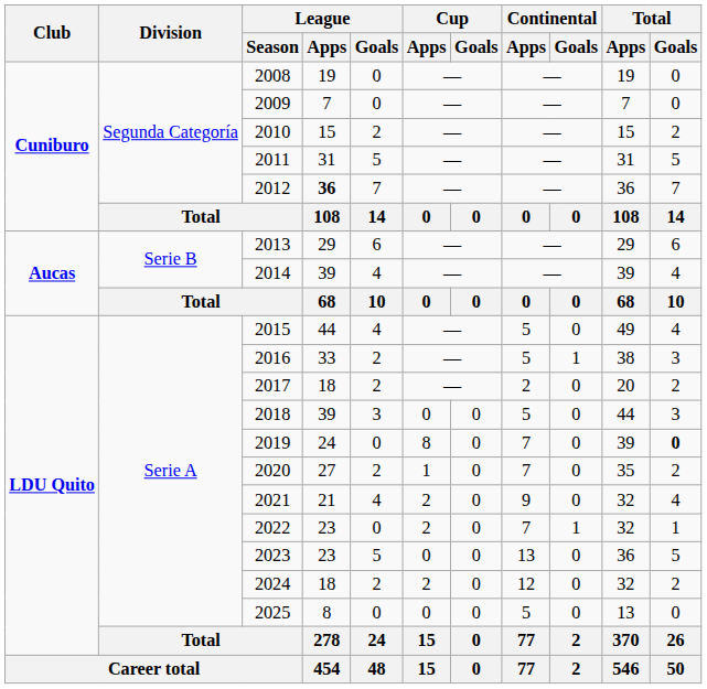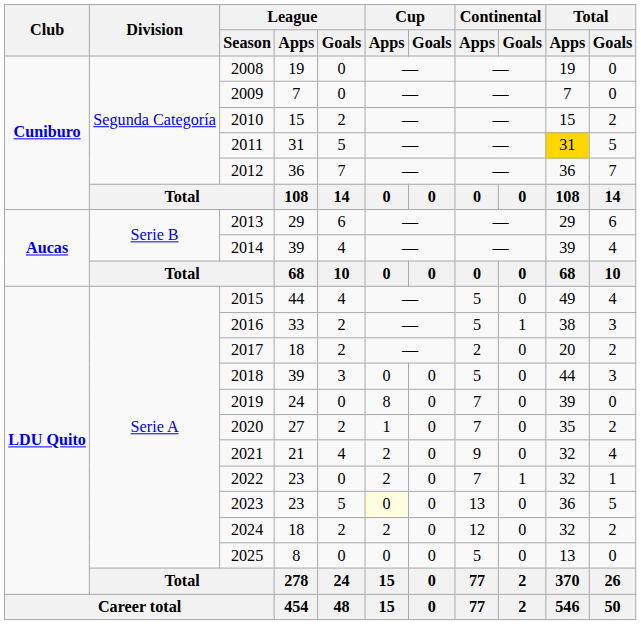 <table class="wikitable" style="text-align:center">
 <tr>
 <th rowspan="2">Club</th>
 <th rowspan="2">Division</th>
 <th colspan="3">League</th>
 <th colspan="2">Cup</th>
 <th colspan="2">Continental</th>
 <th colspan="2">Total</th>
 </tr>
 <tr>
 <th>Season</th>
 <th>Apps</th>
 <th>Goals</th>
 <th>Apps</th>
 <th>Goals</th>
 <th>Apps</th>
 <th>Goals</th>
 <th>Apps</th>
 <th>Goals</th>
 </tr>
 <tr>
 <td rowspan="6"><strong><a href='#'>Cuniburo</a></strong></td>
 <td rowspan="5"><a href='#'>Segunda Categoría</a></td>
 <td>2008</td>
 <td>19</td>
 <td>0</td>
 <td colspan="2">—</td>
 <td colspan="2">—</td>
 <td>19</td>
 <td>0</td>
 </tr>
 <tr>
 <td>2009</td>
 <td>7</td>
 <td>0</td>
 <td colspan="2">—</td>
 <td colspan="2">—</td>
 <td>7</td>
 <td>0</td>
 </tr>
 <tr>
 <td>2010</td>
 <td>15</td>
 <td>2</td>
 <td colspan="2">—</td>
 <td colspan="2">—</td>
 <td>15</td>
 <td>2</td>
 </tr>
 <tr>
 <td>2011</td>
 <td>31</td>
 <td>5</td>
 <td colspan="2">—</td>
 <td colspan="2">—</td>
-<td>31</td>
+<td style="background: gold;">31</td>
 <td>5</td>
 </tr>
 <tr>
 <td>2012</td>
-<td><strong>36</strong></td>
+<td>36</td>
 <td>7</td>
 <td colspan="2">—</td>
 <td colspan="2">—</td>
 <td>36</td>
 <td>7</td>
 </tr>
 <tr>
 <th colspan="2">Total</th>
 <th>108</th>
 <th>14</th>
 <th>0</th>
 <th>0</th>
 <th>0</th>
 <th>0</th>
 <th>108</th>
 <th>14</th>
 </tr>
 <tr>
 <td rowspan="3"><strong><a href='#'>Aucas</a></strong></td>
 <td rowspan="2"><a href='#'>Serie B</a></td>
 <td>2013</td>
 <td>29</td>
 <td>6</td>
 <td colspan="2">—</td>
 <td colspan="2">—</td>
 <td>29</td>
 <td>6</td>
 </tr>
 <tr>
 <td>2014</td>
 <td>39</td>
 <td>4</td>
 <td colspan="2">—</td>
 <td colspan="2">—</td>
 <td>39</td>
 <td>4</td>
 </tr>
 <tr>
 <th colspan="2">Total</th>
 <th>68</th>
 <th>10</th>
 <th>0</th>
 <th>0</th>
 <th>0</th>
 <th>0</th>
 <th>68</th>
 <th>10</th>
 </tr>
 <tr>
 <td rowspan="12"><strong><a href='#'>LDU Quito</a></strong></td>
 <td rowspan="11"><a href='#'>Serie A</a></td>
 <td>2015</td>
 <td>44</td>
 <td>4</td>
 <td colspan="2">—</td>
 <td>5</td>
 <td>0</td>
 <td>49</td>
 <td>4</td>
 </tr>
 <tr>
 <td>2016</td>
 <td>33</td>
 <td>2</td>
 <td colspan="2">—</td>
 <td>5</td>
 <td>1</td>
 <td>38</td>
 <td>3</td>
 </tr>
 <tr>
 <td>2017</td>
 <td>18</td>
 <td>2</td>
 <td colspan="2">—</td>
 <td>2</td>
 <td>0</td>
 <td>20</td>
 <td>2</td>
 </tr>
 <tr>
 <td>2018</td>
 <td>39</td>
 <td>3</td>
 <td>0</td>
 <td>0</td>
 <td>5</td>
 <td>0</td>
 <td>44</td>
 <td>3</td>
 </tr>
 <tr>
 <td>2019</td>
 <td>24</td>
 <td>0</td>
 <td>8</td>
 <td>0</td>
 <td>7</td>
 <td>0</td>
 <td>39</td>
-<td><strong>0</strong></td>
+<td>0</td>
 </tr>
 <tr>
 <td>2020</td>
 <td>27</td>
 <td>2</td>
 <td>1</td>
 <td>0</td>
 <td>7</td>
 <td>0</td>
 <td>35</td>
 <td>2</td>
 </tr>
 <tr>
 <td>2021</td>
 <td>21</td>
 <td>4</td>
 <td>2</td>
 <td>0</td>
 <td>9</td>
 <td>0</td>
 <td>32</td>
 <td>4</td>
 </tr>
 <tr>
 <td>2022</td>
 <td>23</td>
 <td>0</td>
 <td>2</td>
 <td>0</td>
 <td>7</td>
 <td>1</td>
 <td>32</td>
 <td>1</td>
 </tr>
 <tr>
 <td>2023</td>
 <td>23</td>
 <td>5</td>
-<td>0</td>
+<td style="background: lightyellow;">0</td>
 <td>0</td>
 <td>13</td>
 <td>0</td>
 <td>36</td>
 <td>5</td>
 </tr>
 <tr>
 <td>2024</td>
 <td>18</td>
 <td>2</td>
 <td>2</td>
 <td>0</td>
 <td>12</td>
 <td>0</td>
 <td>32</td>
 <td>2</td>
 </tr>
 <tr>
 <td>2025</td>
 <td>8</td>
 <td>0</td>
 <td>0</td>
 <td>0</td>
 <td>5</td>
 <td>0</td>
 <td>13</td>
 <td>0</td>
 </tr>
 <tr>
 <th colspan="2">Total</th>
 <th>278</th>
 <th>24</th>
 <th>15</th>
 <th>0</th>
 <th>77</th>
 <th>2</th>
 <th>370</th>
 <th>26</th>
 </tr>
 <tr>
 <th colspan="3">Career total</th>
 <th>454</th>
 <th>48</th>
 <th>15</th>
 <th>0</th>
 <th>77</th>
 <th>2</th>
 <th>546</th>
 <th>50</th>
 </tr>
 </table>
